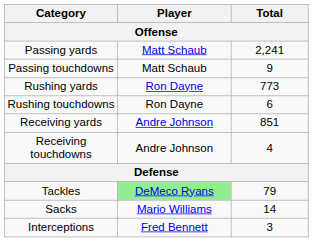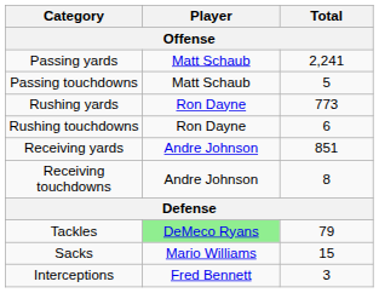 <table class="wikitable" style="text-align:center">
 <tr>
 <th width="150">Category</th>
 <th width="150">Player</th>
 <th width="100">Total</th>
 </tr>
 <tr>
 <th align="center" colspan="4">Offense</th>
 </tr>
 <tr>
 <td>Passing yards</td>
 <td><a href='#'>Matt Schaub</a></td>
 <td>2,241</td>
 </tr>
 <tr>
 <td>Passing touchdowns</td>
 <td>Matt Schaub</td>
-<td>9</td>
+<td>5</td>
 </tr>
 <tr>
 <td>Rushing yards</td>
 <td><a href='#'>Ron Dayne</a></td>
 <td>773</td>
 </tr>
 <tr>
 <td>Rushing touchdowns</td>
 <td>Ron Dayne</td>
 <td>6</td>
 </tr>
 <tr>
 <td>Receiving yards</td>
 <td><a href='#'>Andre Johnson</a></td>
 <td>851</td>
 </tr>
 <tr>
 <td>Receiving touchdowns</td>
 <td>Andre Johnson</td>
-<td>4</td>
+<td>8</td>
 </tr>
 <tr>
 <th align="center" colspan="4">Defense</th>
 </tr>
 <tr>
 <td>Tackles </td>
 <td style="background: lightgreen;"><a href='#'>DeMeco Ryans</a></td>
 <td>79</td>
 </tr>
 <tr>
 <td>Sacks</td>
 <td><a href='#'>Mario Williams</a></td>
-<td>14</td>
+<td>15</td>
 </tr>
 <tr>
 <td>Interceptions</td>
 <td><a href='#'>Fred Bennett</a></td>
 <td>3</td>
 </tr>
 </table>
